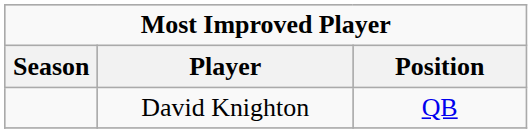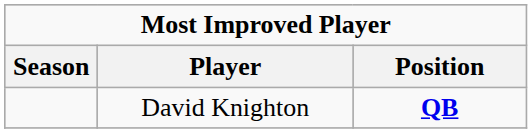 <table class="wikitable sortable" style="text-align:center">
 <tr>
 <td colspan="4"><strong>Most Improved Player</strong></td>
 </tr>
 <tr>
 <th style="width:50px; ">Season</th>
 <th style="width:150px; ">Player</th>
 <th style="width:100px; ">Position</th>
 </tr>
 <tr>
 <td></td>
 <td>David Knighton</td>
-<td><a href='#'>QB</a></td>
+<td><strong><a href='#'>QB</a></strong></td>
 </tr>
 </table>
